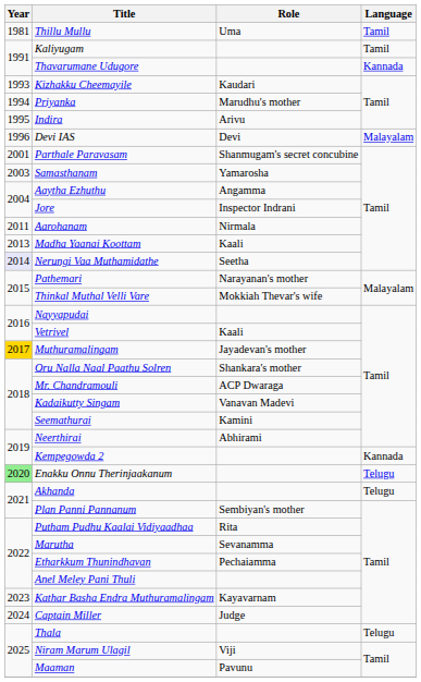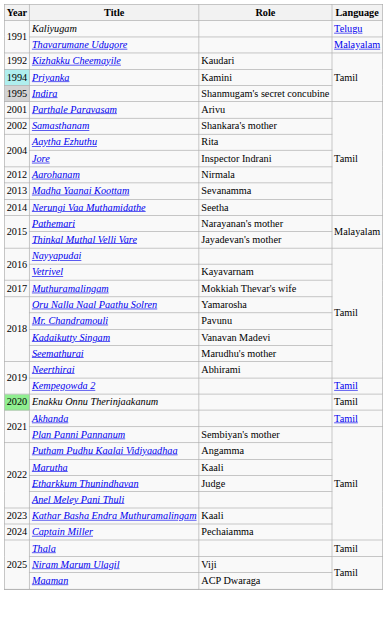 <table class="wikitable sortable">
 <tr>
 <th>Year</th>
 <th>Title</th>
 <th>Role</th>
 <th>Language</th>
 </tr>
 <tr>
-<td>1981</td>
-<td><em><a href='#'>Thillu Mullu</a></em></td>
-<td>Uma</td>
-<td><a href='#'>Tamil</a></td>
-</tr>
-<tr>
 <td rowspan="2">1991</td>
 <td><em>Kaliyugam</em></td>
 <td></td>
-<td>Tamil</td>
+<td><a href='#'>Telugu</a></td>
 </tr>
 <tr>
 <td><em><a href='#'>Thavarumane Udugore</a></em></td>
 <td></td>
-<td><a href='#'>Kannada</a></td>
+<td><a href='#'>Malayalam</a></td>
 </tr>
 <tr>
-<td>1993</td>
+<td>1992</td>
 <td><em><a href='#'>Kizhakku Cheemayile</a></em></td>
 <td>Kaudari</td>
 <td rowspan="3">Tamil</td>
 </tr>
 <tr>
-<td>1994</td>
+<td style="background: paleturquoise;">1994</td>
 <td><em><a href='#'>Priyanka</a></em></td>
-<td>Marudhu's mother</td>
+<td>Kamini</td>
 </tr>
 <tr>
-<td>1995</td>
+<td style="background: lightgrey;">1995</td>
 <td><em><a href='#'>Indira</a></em></td>
-<td>Arivu</td>
-</tr>
-<tr>
-<td>1996</td>
-<td><em>Devi IAS</em></td>
-<td>Devi</td>
-<td><a href='#'>Malayalam</a></td>
+<td>Shanmugam's secret concubine</td>
 </tr>
 <tr>
 <td>2001</td>
 <td><em><a href='#'>Parthale Paravasam</a></em></td>
-<td>Shanmugam's secret concubine</td>
+<td>Arivu</td>
 <td rowspan="7">Tamil</td>
 </tr>
 <tr>
-<td>2003</td>
+<td>2002</td>
 <td><em><a href='#'>Samasthanam</a></em></td>
-<td>Yamarosha</td>
+<td>Shankara's mother</td>
 </tr>
 <tr>
 <td rowspan= "2">2004</td>
 <td><em><a href='#'>Aaytha Ezhuthu</a></em></td>
-<td>Angamma</td>
+<td>Rita</td>
 </tr>
 <tr>
 <td><em><a href='#'>Jore</a></em></td>
 <td>Inspector Indrani</td>
 </tr>
 <tr>
-<td>2011</td>
+<td>2012</td>
 <td><em><a href='#'>Aarohanam</a></em></td>
 <td>Nirmala</td>
 </tr>
 <tr>
 <td>2013</td>
 <td><em><a href='#'>Madha Yaanai Koottam</a></em></td>
-<td>Kaali</td>
+<td>Sevanamma</td>
 </tr>
 <tr>
-<td style="background: lavender;">2014</td>
+<td>2014</td>
 <td><em><a href='#'>Nerungi Vaa Muthamidathe</a></em></td>
 <td>Seetha</td>
 </tr>
 <tr>
 <td rowspan="2">2015</td>
 <td><em><a href='#'>Pathemari</a></em></td>
 <td>Narayanan's mother</td>
 <td rowspan="2">Malayalam</td>
 </tr>
 <tr>
 <td><em><a href='#'>Thinkal Muthal Velli Vare</a></em></td>
-<td>Mokkiah Thevar's wife</td>
+<td>Jayadevan's mother</td>
 </tr>
 <tr>
 <td rowspan="2">2016</td>
 <td><em><a href='#'>Nayyapudai</a></em></td>
 <td></td>
 <td rowspan="8">Tamil</td>
 </tr>
 <tr>
 <td><em><a href='#'>Vetrivel</a></em></td>
-<td>Kaali</td>
+<td>Kayavarnam</td>
 </tr>
 <tr>
-<td style="background: gold;">2017</td>
+<td>2017</td>
 <td><em><a href='#'>Muthuramalingam</a></em></td>
-<td>Jayadevan's mother</td>
+<td>Mokkiah Thevar's wife</td>
 </tr>
 <tr>
 <td rowspan="4”">2018</td>
 <td><em><a href='#'>Oru Nalla Naal Paathu Solren</a></em></td>
-<td>Shankara's mother</td>
+<td>Yamarosha</td>
 </tr>
 <tr>
 <td><em><a href='#'>Mr. Chandramouli</a></em></td>
-<td>ACP Dwaraga</td>
+<td>Pavunu</td>
 </tr>
 <tr>
 <td><em><a href='#'>Kadaikutty Singam</a></em></td>
 <td>Vanavan Madevi</td>
 </tr>
 <tr>
 <td><em><a href='#'>Seemathurai</a></em></td>
-<td>Kamini</td>
+<td>Marudhu's mother</td>
 </tr>
 <tr>
 <td rowspan="2”">2019</td>
 <td><em><a href='#'>Neerthirai</a></em></td>
 <td>Abhirami</td>
 </tr>
 <tr>
 <td><em><a href='#'>Kempegowda 2</a></em></td>
 <td></td>
-<td>Kannada</td>
+<td><a href='#'>Tamil</a></td>
 </tr>
 <tr>
 <td style="background: lightgreen;">2020</td>
 <td><em>Enakku Onnu Therinjaakanum</em></td>
 <td></td>
-<td><a href='#'>Telugu</a></td>
+<td>Tamil</td>
 </tr>
 <tr>
 <td rowspan ="2">2021</td>
 <td><em><a href='#'>Akhanda</a></em></td>
 <td></td>
-<td>Telugu</td>
+<td><a href='#'>Tamil</a></td>
 </tr>
 <tr>
 <td><em><a href='#'>Plan Panni Pannanum</a></em></td>
 <td>Sembiyan's mother</td>
 <td rowspan="7">Tamil</td>
 </tr>
 <tr>
 <td rowspan ="4">2022</td>
 <td><em><a href='#'>Putham Pudhu Kaalai Vidiyaadhaa</a></em></td>
-<td>Rita</td>
+<td>Angamma</td>
 </tr>
 <tr>
 <td><em><a href='#'>Marutha</a></em></td>
-<td>Sevanamma</td>
+<td>Kaali</td>
 </tr>
 <tr>
 <td><em><a href='#'>Etharkkum Thunindhavan</a></em></td>
-<td>Pechaiamma</td>
+<td>Judge</td>
 </tr>
 <tr>
 <td><em><a href='#'>Anel Meley Pani Thuli</a></em></td>
 <td></td>
 </tr>
 <tr>
 <td>2023</td>
 <td><em><a href='#'>Kathar Basha Endra Muthuramalingam</a></em></td>
-<td>Kayavarnam</td>
+<td>Kaali</td>
 </tr>
 <tr>
 <td>2024</td>
 <td><em><a href='#'>Captain Miller</a></em></td>
-<td>Judge</td>
+<td>Pechaiamma</td>
 </tr>
 <tr>
 <td rowspan ="3">2025</td>
 <td><em><a href='#'>Thala</a></em></td>
 <td></td>
-<td>Telugu</td>
+<td>Tamil</td>
 </tr>
 <tr>
 <td><em><a href='#'>Niram Marum Ulagil</a></em></td>
 <td>Viji</td>
 <td rowspan="2">Tamil</td>
 </tr>
 <tr>
 <td><em><a href='#'>Maaman</a></em></td>
-<td>Pavunu</td>
+<td>ACP Dwaraga</td>
 </tr>
 <tr>
 </tr>
 </table>
